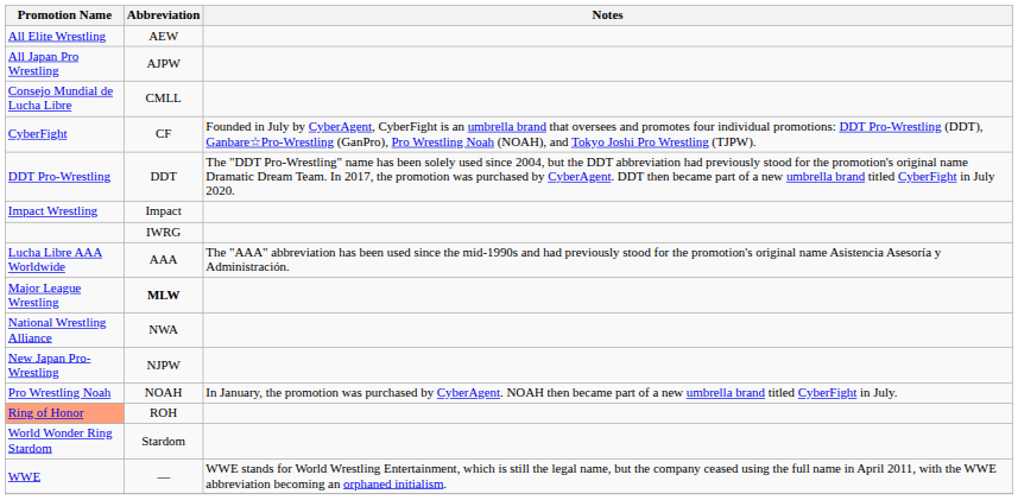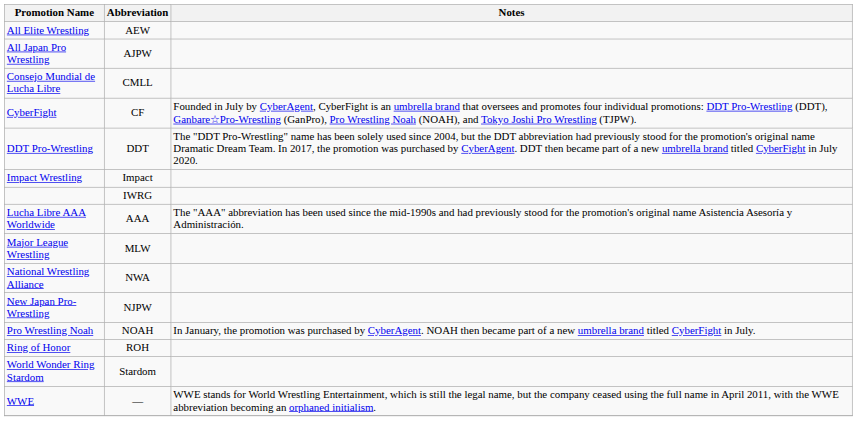 <table class="wikitable">
 <tr>
 <th>Promotion Name</th>
 <th>Abbreviation</th>
 <th>Notes</th>
 </tr>
 <tr>
 <td><a href='#'>All Elite Wrestling</a></td>
 <td style="text-align: center;">AEW</td>
 <td></td>
 </tr>
 <tr>
 <td><a href='#'>All Japan Pro Wrestling</a></td>
 <td style="text-align: center;">AJPW</td>
 <td></td>
 </tr>
 <tr>
 <td><a href='#'>Consejo Mundial de Lucha Libre</a></td>
 <td style="text-align: center;">CMLL</td>
 <td></td>
 </tr>
 <tr>
 <td><a href='#'>CyberFight</a></td>
 <td style="text-align: center;">CF</td>
 <td>Founded in July by <a href='#'>CyberAgent</a>, CyberFight is an <a href='#'>umbrella brand</a> that oversees and promotes four individual promotions: <a href='#'>DDT Pro-Wrestling</a> (DDT), <a href='#'>Ganbare☆Pro-Wrestling</a> (GanPro), <a href='#'>Pro Wrestling Noah</a> (NOAH), and <a href='#'>Tokyo Joshi Pro Wrestling</a> (TJPW).</td>
 </tr>
 <tr>
 <td><a href='#'>DDT Pro-Wrestling</a></td>
 <td style="text-align: center;">DDT</td>
 <td>The "DDT Pro-Wrestling" name has been solely used since 2004, but the DDT abbreviation had previously stood for the promotion's original name Dramatic Dream Team. In 2017, the promotion was purchased by <a href='#'>CyberAgent</a>. DDT then became part of a new <a href='#'>umbrella brand</a> titled <a href='#'>CyberFight</a> in July 2020.</td>
 </tr>
 <tr>
 <td><a href='#'>Impact Wrestling</a></td>
 <td style="text-align: center;">Impact</td>
 <td></td>
 </tr>
 <tr>
 <td></td>
 <td style="text-align: center;">IWRG</td>
 <td></td>
 </tr>
 <tr>
 <td><a href='#'>Lucha Libre AAA Worldwide</a></td>
 <td style="text-align: center;">AAA</td>
 <td>The "AAA" abbreviation has been used since the mid-1990s and had previously stood for the promotion's original name Asistencia Asesoría y Administración.</td>
 </tr>
 <tr>
 <td><a href='#'>Major League Wrestling</a></td>
-<td style="text-align: center;"><strong>MLW</strong></td>
+<td style="text-align: center;">MLW</td>
 <td></td>
 </tr>
 <tr>
 <td><a href='#'>National Wrestling Alliance</a></td>
 <td style="text-align: center;">NWA</td>
 <td></td>
 </tr>
 <tr>
 <td><a href='#'>New Japan Pro-Wrestling</a></td>
 <td style="text-align: center;">NJPW</td>
 <td></td>
 </tr>
 <tr>
 <td><a href='#'>Pro Wrestling Noah</a></td>
 <td style="text-align: center;">NOAH</td>
 <td>In January, the promotion was purchased by <a href='#'>CyberAgent</a>. NOAH then became part of a new <a href='#'>umbrella brand</a> titled <a href='#'>CyberFight</a> in July.</td>
 </tr>
 <tr>
-<td style="background: lightsalmon;"><a href='#'>Ring of Honor</a></td>
+<td><a href='#'>Ring of Honor</a></td>
 <td style="text-align: center;">ROH</td>
 <td></td>
 </tr>
 <tr>
 <td><a href='#'>World Wonder Ring Stardom</a></td>
 <td style="text-align: center;">Stardom</td>
 </tr>
 <tr>
 <td><a href='#'>WWE</a></td>
 <td style="text-align: center;">—</td>
 <td>WWE stands for World Wrestling Entertainment, which is still the legal name, but the company ceased using the full name in April 2011, with the WWE abbreviation becoming an <a href='#'>orphaned initialism</a>.<br></td>
 </tr>
 <tr>
 </tr>
 </table>
